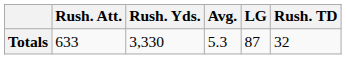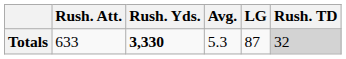 <table class="wikitable">
 <tr>
 <th></th>
 <th>Rush. Att.</th>
 <th>Rush. Yds.</th>
 <th>Avg.</th>
 <th>LG</th>
 <th>Rush. TD</th>
 </tr>
 <tr>
 <th>Totals</th>
 <td>633</td>
-<td>3,330</td>
+<td><strong>3,330</strong></td>
 <td>5.3</td>
 <td>87</td>
-<td>32</td>
+<td style="background: lightgrey;">32</td>
 </tr>
 </table>
